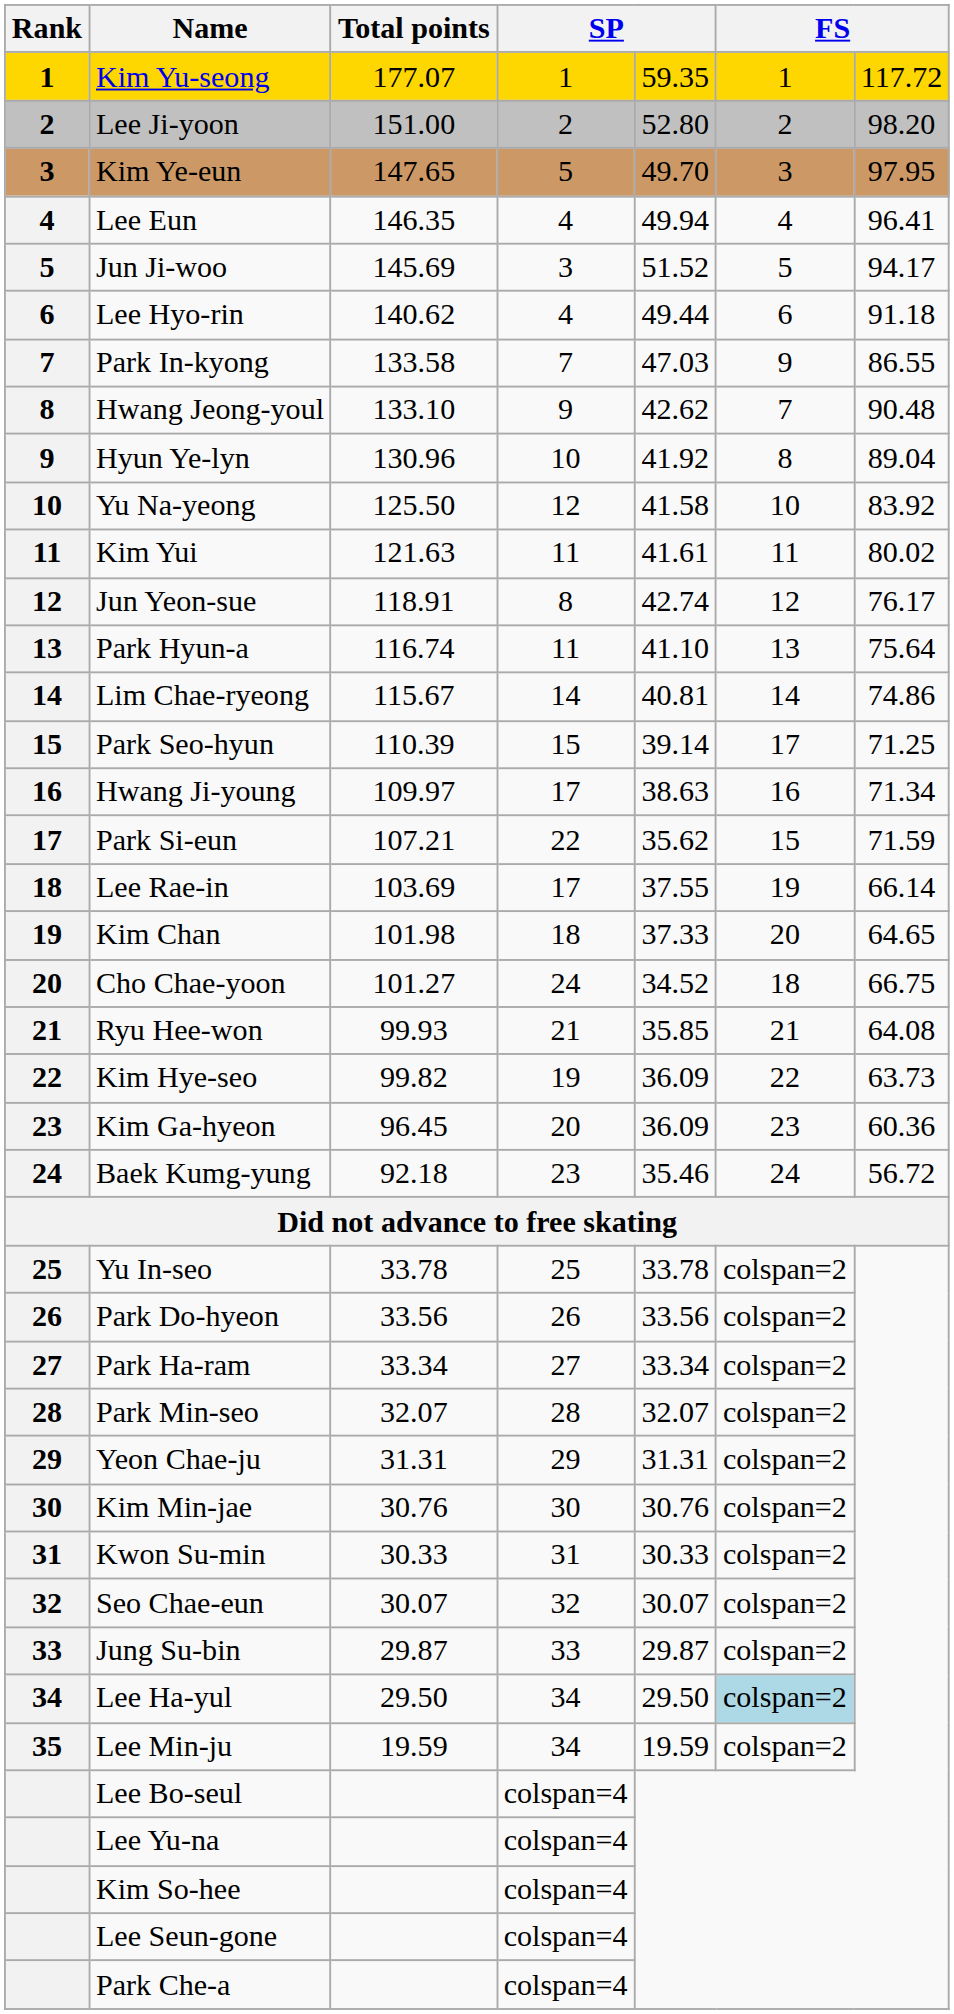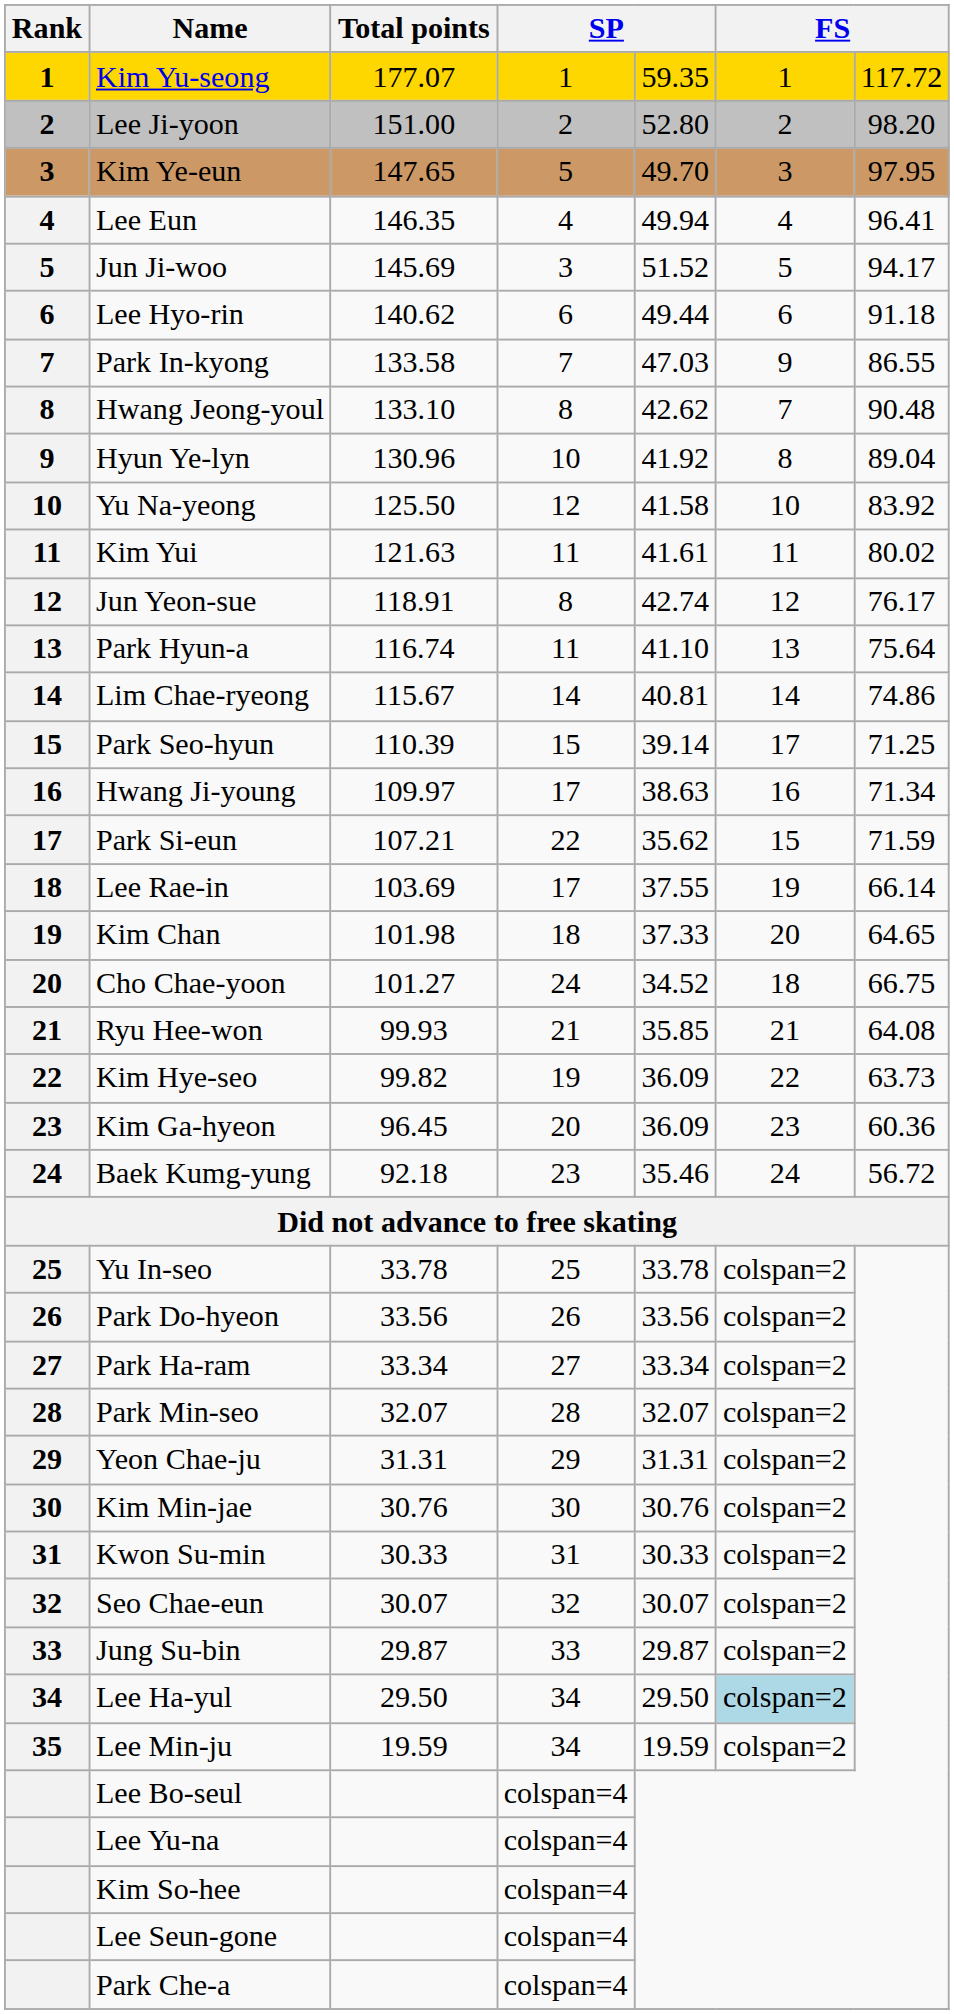 <table class="wikitable sortable">
 <tr>
 <th>Rank</th>
 <th>Name</th>
 <th>Total points</th>
 <th colspan="2" width="80px"><a href='#'>SP</a></th>
 <th colspan="2" width="80px"><a href='#'>FS</a></th>
 </tr>
 <tr bgcolor="gold">
 <td align="center"><strong>1</strong></td>
 <td><a href='#'>Kim Yu-seong</a></td>
 <td align="center">177.07</td>
 <td align="center">1</td>
 <td align="center">59.35</td>
 <td align="center">1</td>
 <td align="center">117.72</td>
 </tr>
 <tr bgcolor="silver">
 <td align="center"><strong>2</strong></td>
 <td>Lee Ji-yoon</td>
 <td align="center">151.00</td>
 <td align="center">2</td>
 <td align="center">52.80</td>
 <td align="center">2</td>
 <td align="center">98.20</td>
 </tr>
 <tr bgcolor="cc9966">
 <td align="center"><strong>3</strong></td>
 <td>Kim Ye-eun</td>
 <td align="center">147.65</td>
 <td align="center">5</td>
 <td align="center">49.70</td>
 <td align="center">3</td>
 <td align="center">97.95</td>
 </tr>
 <tr>
 <th>4</th>
 <td>Lee Eun</td>
 <td align="center">146.35</td>
 <td align="center">4</td>
 <td align="center">49.94</td>
 <td align="center">4</td>
 <td align="center">96.41</td>
 </tr>
 <tr>
 <th>5</th>
 <td>Jun Ji-woo</td>
 <td align="center">145.69</td>
 <td align="center">3</td>
 <td align="center">51.52</td>
 <td align="center">5</td>
 <td align="center">94.17</td>
 </tr>
 <tr>
 <th>6</th>
 <td>Lee Hyo-rin</td>
 <td align="center">140.62</td>
-<td align="center">4</td>
+<td align="center">6</td>
 <td align="center">49.44</td>
 <td align="center">6</td>
 <td align="center">91.18</td>
 </tr>
 <tr>
 <th>7</th>
 <td>Park In-kyong</td>
 <td align="center">133.58</td>
 <td align="center">7</td>
 <td align="center">47.03</td>
 <td align="center">9</td>
 <td align="center">86.55</td>
 </tr>
 <tr>
 <th>8</th>
 <td>Hwang Jeong-youl</td>
 <td align="center">133.10</td>
-<td align="center">9</td>
+<td align="center">8</td>
 <td align="center">42.62</td>
 <td align="center">7</td>
 <td align="center">90.48</td>
 </tr>
 <tr>
 <th>9</th>
 <td>Hyun Ye-lyn</td>
 <td align="center">130.96</td>
 <td align="center">10</td>
 <td align="center">41.92</td>
 <td align="center">8</td>
 <td align="center">89.04</td>
 </tr>
 <tr>
 <th>10</th>
 <td>Yu Na-yeong</td>
 <td align="center">125.50</td>
 <td align="center">12</td>
 <td align="center">41.58</td>
 <td align="center">10</td>
 <td align="center">83.92</td>
 </tr>
 <tr>
 <th>11</th>
 <td>Kim Yui</td>
 <td align="center">121.63</td>
 <td align="center">11</td>
 <td align="center">41.61</td>
 <td align="center">11</td>
 <td align="center">80.02</td>
 </tr>
 <tr>
 <th>12</th>
 <td>Jun Yeon-sue</td>
 <td align="center">118.91</td>
 <td align="center">8</td>
 <td align="center">42.74</td>
 <td align="center">12</td>
 <td align="center">76.17</td>
 </tr>
 <tr>
 <th>13</th>
 <td>Park Hyun-a</td>
 <td align="center">116.74</td>
 <td align="center">11</td>
 <td align="center">41.10</td>
 <td align="center">13</td>
 <td align="center">75.64</td>
 </tr>
 <tr>
 <th>14</th>
 <td>Lim Chae-ryeong</td>
 <td align="center">115.67</td>
 <td align="center">14</td>
 <td align="center">40.81</td>
 <td align="center">14</td>
 <td align="center">74.86</td>
 </tr>
 <tr>
 <th>15</th>
 <td>Park Seo-hyun</td>
 <td align="center">110.39</td>
 <td align="center">15</td>
 <td align="center">39.14</td>
 <td align="center">17</td>
 <td align="center">71.25</td>
 </tr>
 <tr>
 <th>16</th>
 <td>Hwang Ji-young</td>
 <td align="center">109.97</td>
 <td align="center">17</td>
 <td align="center">38.63</td>
 <td align="center">16</td>
 <td align="center">71.34</td>
 </tr>
 <tr>
 <th>17</th>
 <td>Park Si-eun</td>
 <td align="center">107.21</td>
 <td align="center">22</td>
 <td align="center">35.62</td>
 <td align="center">15</td>
 <td align="center">71.59</td>
 </tr>
 <tr>
 <th>18</th>
 <td>Lee Rae-in</td>
 <td align="center">103.69</td>
 <td align="center">17</td>
 <td align="center">37.55</td>
 <td align="center">19</td>
 <td align="center">66.14</td>
 </tr>
 <tr>
 <th>19</th>
 <td>Kim Chan</td>
 <td align="center">101.98</td>
 <td align="center">18</td>
 <td align="center">37.33</td>
 <td align="center">20</td>
 <td align="center">64.65</td>
 </tr>
 <tr>
 <th>20</th>
 <td>Cho Chae-yoon</td>
 <td align="center">101.27</td>
 <td align="center">24</td>
 <td align="center">34.52</td>
 <td align="center">18</td>
 <td align="center">66.75</td>
 </tr>
 <tr>
 <th>21</th>
 <td>Ryu Hee-won</td>
 <td align="center">99.93</td>
 <td align="center">21</td>
 <td align="center">35.85</td>
 <td align="center">21</td>
 <td align="center">64.08</td>
 </tr>
 <tr>
 <th>22</th>
 <td>Kim Hye-seo</td>
 <td align="center">99.82</td>
 <td align="center">19</td>
 <td align="center">36.09</td>
 <td align="center">22</td>
 <td align="center">63.73</td>
 </tr>
 <tr>
 <th>23</th>
 <td>Kim Ga-hyeon</td>
 <td align="center">96.45</td>
 <td align="center">20</td>
 <td align="center">36.09</td>
 <td align="center">23</td>
 <td align="center">60.36</td>
 </tr>
 <tr>
 <th>24</th>
 <td>Baek Kumg-yung</td>
 <td align="center">92.18</td>
 <td align="center">23</td>
 <td align="center">35.46</td>
 <td align="center">24</td>
 <td align="center">56.72</td>
 </tr>
 <tr>
 <th colspan="7">Did not advance to free skating</th>
 </tr>
 <tr>
 <th>25</th>
 <td>Yu In-seo</td>
 <td align="center">33.78</td>
 <td align="center">25</td>
 <td align="center">33.78</td>
 <td>colspan=2 </td>
 </tr>
 <tr>
 <th>26</th>
 <td>Park Do-hyeon</td>
 <td align="center">33.56</td>
 <td align="center">26</td>
 <td align="center">33.56</td>
 <td>colspan=2 </td>
 </tr>
 <tr>
 <th>27</th>
 <td>Park Ha-ram</td>
 <td align="center">33.34</td>
 <td align="center">27</td>
 <td align="center">33.34</td>
 <td>colspan=2 </td>
 </tr>
 <tr>
 <th>28</th>
 <td>Park Min-seo</td>
 <td align="center">32.07</td>
 <td align="center">28</td>
 <td align="center">32.07</td>
 <td>colspan=2 </td>
 </tr>
 <tr>
 <th>29</th>
 <td>Yeon Chae-ju</td>
 <td align="center">31.31</td>
 <td align="center">29</td>
 <td align="center">31.31</td>
 <td>colspan=2 </td>
 </tr>
 <tr>
 <th>30</th>
 <td>Kim Min-jae</td>
 <td align="center">30.76</td>
 <td align="center">30</td>
 <td align="center">30.76</td>
 <td>colspan=2 </td>
 </tr>
 <tr>
 <th>31</th>
 <td>Kwon Su-min</td>
 <td align="center">30.33</td>
 <td align="center">31</td>
 <td align="center">30.33</td>
 <td>colspan=2 </td>
 </tr>
 <tr>
 <th>32</th>
 <td>Seo Chae-eun</td>
 <td align="center">30.07</td>
 <td align="center">32</td>
 <td align="center">30.07</td>
 <td>colspan=2 </td>
 </tr>
 <tr>
 <th>33</th>
 <td>Jung Su-bin</td>
 <td align="center">29.87</td>
 <td align="center">33</td>
 <td align="center">29.87</td>
 <td>colspan=2 </td>
 </tr>
 <tr>
 <th>34</th>
 <td>Lee Ha-yul</td>
 <td align="center">29.50</td>
 <td align="center">34</td>
 <td align="center">29.50</td>
 <td style="background: lightblue;">colspan=2 </td>
 </tr>
 <tr>
 <th>35</th>
 <td>Lee Min-ju</td>
 <td align="center">19.59</td>
 <td align="center">34</td>
 <td align="center">19.59</td>
 <td>colspan=2 </td>
 </tr>
 <tr>
 <th></th>
 <td>Lee Bo-seul</td>
 <td></td>
 <td>colspan=4 </td>
 </tr>
 <tr>
 <th></th>
 <td>Lee Yu-na</td>
 <td></td>
 <td>colspan=4 </td>
 </tr>
 <tr>
 <th></th>
 <td>Kim So-hee</td>
 <td></td>
 <td>colspan=4 </td>
 </tr>
 <tr>
 <th></th>
 <td>Lee Seun-gone</td>
 <td></td>
 <td>colspan=4 </td>
 </tr>
 <tr>
 <th></th>
 <td>Park Che-a</td>
 <td></td>
 <td>colspan=4 </td>
 </tr>
 </table>
